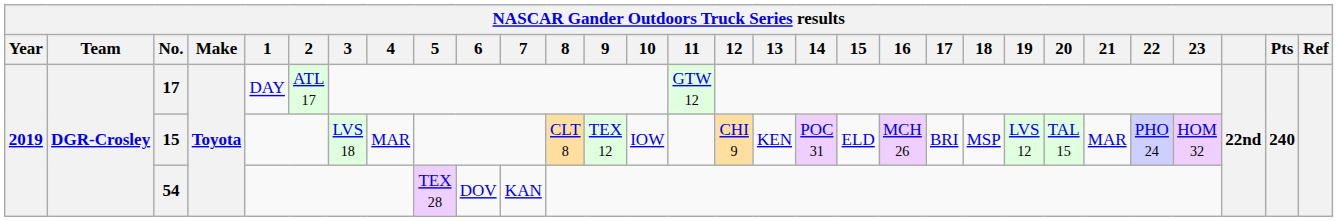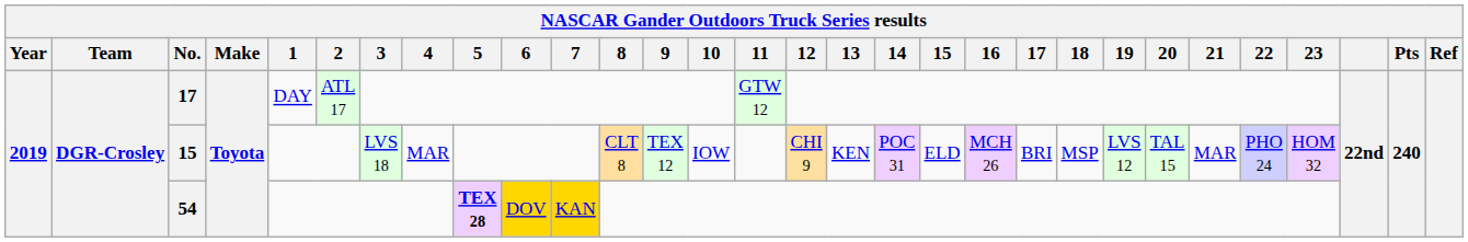 <table class="wikitable" style="text-align:center; font-size:75%">
 <tr>
 <th colspan=30><a href='#'>NASCAR Gander Outdoors Truck Series</a> results</th>
 </tr>
 <tr>
 <th>Year</th>
 <th>Team</th>
 <th>No.</th>
 <th>Make</th>
 <th>1</th>
 <th>2</th>
 <th>3</th>
 <th>4</th>
 <th>5</th>
 <th>6</th>
 <th>7</th>
 <th>8</th>
 <th>9</th>
 <th>10</th>
 <th>11</th>
 <th>12</th>
 <th>13</th>
 <th>14</th>
 <th>15</th>
 <th>16</th>
 <th>17</th>
 <th>18</th>
 <th>19</th>
 <th>20</th>
 <th>21</th>
 <th>22</th>
 <th>23</th>
 <th></th>
 <th>Pts</th>
 <th>Ref</th>
 </tr>
 <tr>
 <th rowspan=3><a href='#'>2019</a></th>
 <th rowspan=3><a href='#'>DGR-Crosley</a></th>
 <th>17</th>
 <th rowspan=3><a href='#'>Toyota</a></th>
 <td><a href='#'>DAY</a></td>
 <td style="background:#DFFFDF;"><a href='#'>ATL</a><br><small>17</small></td>
 <td colspan=8></td>
 <td style="background:#DFFFDF;"><a href='#'>GTW</a><br><small>12</small></td>
 <td colspan=12></td>
 <th rowspan=3>22nd</th>
 <th rowspan=3>240</th>
 <th rowspan=3></th>
 </tr>
 <tr>
 <th>15</th>
 <td colspan=2></td>
 <td style="background:#DFFFDF;"><a href='#'>LVS</a><br><small>18</small></td>
 <td><a href='#'>MAR</a></td>
 <td colspan=3></td>
 <td style="background:#FFDF9F;"><a href='#'>CLT</a><br><small>8</small></td>
 <td style="background:#DFFFDF;"><a href='#'>TEX</a><br><small>12</small></td>
 <td><a href='#'>IOW</a></td>
 <td></td>
 <td style="background:#FFDF9F;"><a href='#'>CHI</a><br><small>9</small></td>
 <td><a href='#'>KEN</a></td>
 <td style="background:#EFCFFF;"><a href='#'>POC</a><br><small>31</small></td>
 <td><a href='#'>ELD</a></td>
 <td style="background:#EFCFFF;"><a href='#'>MCH</a><br><small>26</small></td>
 <td><a href='#'>BRI</a></td>
 <td><a href='#'>MSP</a></td>
 <td style="background:#DFFFDF;"><a href='#'>LVS</a><br><small>12</small></td>
 <td style="background:#DFFFDF;"><a href='#'>TAL</a><br><small>15</small></td>
 <td><a href='#'>MAR</a></td>
 <td style="background:#CFCFFF;"><a href='#'>PHO</a><br><small>24</small></td>
 <td style="background:#EFCFFF;"><a href='#'>HOM</a><br><small>32</small></td>
 </tr>
 <tr>
 <th>54</th>
 <td colspan=4></td>
-<td style="background:#EFCFFF;"><a href='#'>TEX</a><br><small>28</small></td>
-<td><a href='#'>DOV</a></td>
-<td><a href='#'>KAN</a></td>
+<td style="background:#EFCFFF;"><strong><a href='#'>TEX</a><br><small>28</small></strong></td>
+<td style="background: gold;"><a href='#'>DOV</a></td>
+<td style="background: gold;"><a href='#'>KAN</a></td>
 <td colspan=16></td>
 </tr>
 </table>
